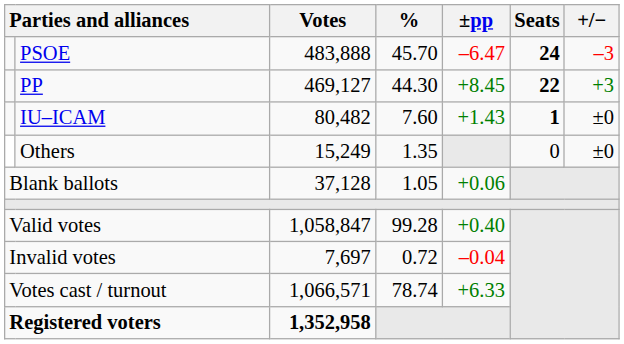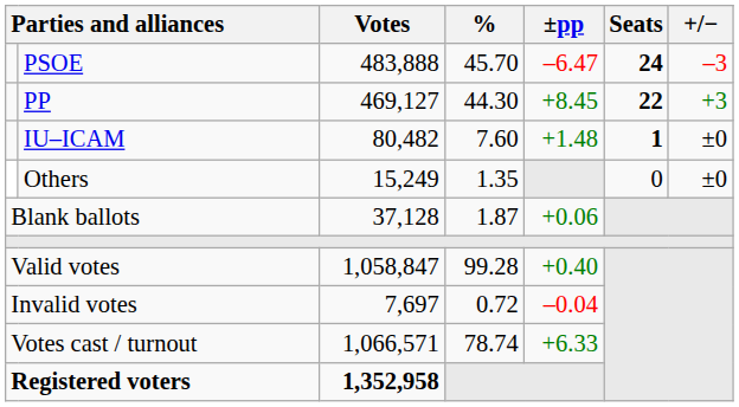 <table class="wikitable" style="text-align:right;">
 <tr>
 <th style="text-align:left;" colspan="2" width="200">Parties and alliances</th>
 <th width="75">Votes</th>
 <th width="45">%</th>
 <th width="45">±<a href='#'>pp</a></th>
 <th width="35">Seats</th>
 <th width="35">+/−</th>
 </tr>
 <tr>
 <td width="1" style="color:inherit;background:"></td>
 <td align="left"><a href='#'>PSOE</a></td>
 <td>483,888</td>
 <td>45.70</td>
 <td style="color:red;">–6.47</td>
 <td><strong>24</strong></td>
 <td style="color:red;">–3</td>
 </tr>
 <tr>
 <td style="color:inherit;background:"></td>
 <td align="left"><a href='#'>PP</a></td>
 <td>469,127</td>
 <td>44.30</td>
 <td style="color:green;">+8.45</td>
 <td><strong>22</strong></td>
 <td style="color:green;">+3</td>
 </tr>
 <tr>
 <td style="color:inherit;background:"></td>
 <td align="left"><a href='#'>IU–ICAM</a></td>
 <td>80,482</td>
 <td>7.60</td>
-<td style="color:green;">+1.43</td>
+<td style="color:green;">+1.48</td>
 <td><strong>1</strong></td>
 <td>±0</td>
 </tr>
 <tr>
 <td bgcolor="white"></td>
 <td align="left">Others</td>
 <td>15,249</td>
 <td>1.35</td>
 <td bgcolor="#E9E9E9"></td>
 <td>0</td>
 <td>±0</td>
 </tr>
 <tr>
 <td align="left" colspan="2">Blank ballots</td>
 <td>37,128</td>
-<td>1.05</td>
+<td>1.87</td>
 <td style="color:green;">+0.06</td>
 <td bgcolor="#E9E9E9" colspan="2"></td>
 </tr>
 <tr>
 <td colspan="7" bgcolor="#E9E9E9"></td>
 </tr>
 <tr>
 <td align="left" colspan="2">Valid votes</td>
 <td>1,058,847</td>
 <td>99.28</td>
 <td style="color:green;">+0.40</td>
 <td bgcolor="#E9E9E9" colspan="2" rowspan="4"></td>
 </tr>
 <tr>
 <td align="left" colspan="2">Invalid votes</td>
 <td>7,697</td>
 <td>0.72</td>
 <td style="color:red;">–0.04</td>
 </tr>
 <tr>
 <td align="left" colspan="2">Votes cast / turnout</td>
 <td>1,066,571</td>
 <td>78.74</td>
 <td style="color:green;">+6.33</td>
 </tr>
 <tr style="font-weight:bold;">
 <td align="left" colspan="2">Registered voters</td>
 <td>1,352,958</td>
 <td bgcolor="#E9E9E9" colspan="2"></td>
 </tr>
 </table>
